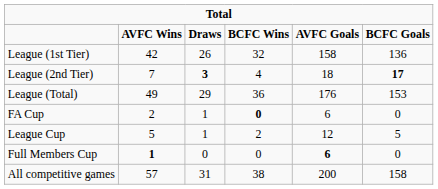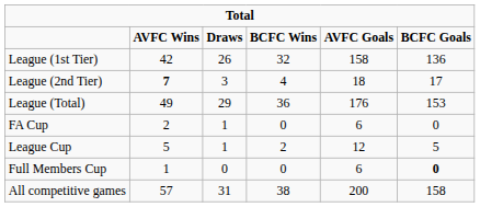 <table border="2" cellpadding="4" cellspacing="0" style="text-align=center: 1em 1em 1em 0; background: #f9f9f9; border: 1px #aaa solid; border-collapse: collapse;">
 <tr>
 <th colspan=6 align=center>Total</th>
 </tr>
 <tr>
 <th></th>
 <th>AVFC Wins</th>
 <th>Draws</th>
 <th>BCFC Wins</th>
 <th>AVFC Goals</th>
 <th>BCFC Goals</th>
 </tr>
 <tr>
 <td>League (1st Tier)</td>
 <td align=center>42</td>
 <td align=center>26</td>
 <td align=center>32</td>
 <td align=center>158</td>
 <td align=center>136</td>
 </tr>
 <tr>
 <td>League (2nd Tier)</td>
-<td align=center>7</td>
-<td align=center><strong>3</strong></td>
+<td align=center><strong>7</strong></td>
+<td align=center>3</td>
 <td align=center>4</td>
 <td align=center>18</td>
-<td align=center><strong>17</strong></td>
+<td align=center>17</td>
 </tr>
 <tr>
 <td>League (Total)</td>
 <td align=center>49</td>
 <td align=center>29</td>
 <td align=center>36</td>
 <td align=center>176</td>
 <td align=center>153</td>
 </tr>
 <tr>
 <td>FA Cup</td>
 <td align=center>2</td>
 <td align=center>1</td>
-<td align=center><strong>0</strong></td>
+<td align=center>0</td>
 <td align=center>6</td>
 <td align=center>0</td>
 </tr>
 <tr>
 <td>League Cup</td>
 <td align=center>5</td>
 <td align=center>1</td>
 <td align=center>2</td>
 <td align=center>12</td>
 <td align=center>5</td>
 </tr>
 <tr>
 <td>Full Members Cup</td>
-<td align=center><strong>1</strong></td>
+<td align=center>1</td>
 <td align=center>0</td>
 <td align=center>0</td>
-<td align=center><strong>6</strong></td>
-<td align=center>0</td>
+<td align=center>6</td>
+<td align=center><strong>0</strong></td>
 </tr>
 <tr>
 <td>All competitive games</td>
 <td align=center>57</td>
 <td align=center>31</td>
 <td align=center>38</td>
 <td align=center>200</td>
 <td align=center>158</td>
 </tr>
 </table>
